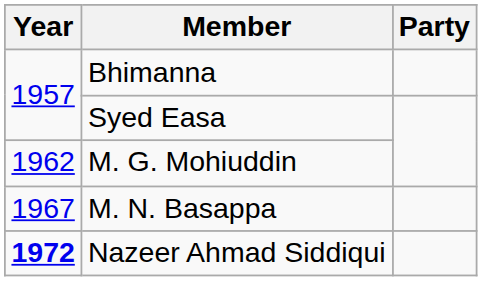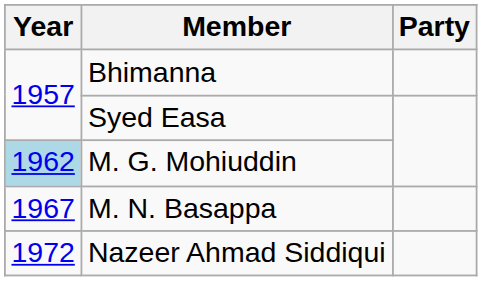 <table class="wikitable">
 <tr>
 <th>Year</th>
 <th>Member</th>
 <th colspan="2">Party</th>
 </tr>
 <tr>
 <td rowspan="2"><a href='#'>1957</a></td>
 <td>Bhimanna</td>
 <td></td>
 </tr>
 <tr>
 <td>Syed Easa</td>
 </tr>
 <tr>
-<td><a href='#'>1962</a></td>
+<td style="background: lightblue;"><a href='#'>1962</a></td>
 <td>M. G. Mohiuddin</td>
 </tr>
 <tr>
 <td><a href='#'>1967</a></td>
 <td>M. N. Basappa</td>
 <td></td>
 </tr>
 <tr>
-<td><strong><a href='#'>1972</a></strong></td>
+<td><a href='#'>1972</a></td>
 <td>Nazeer Ahmad Siddiqui</td>
 <td></td>
 </tr>
 </table>
